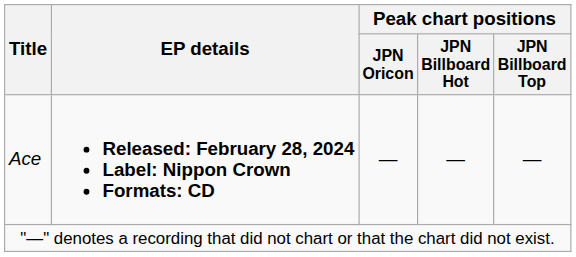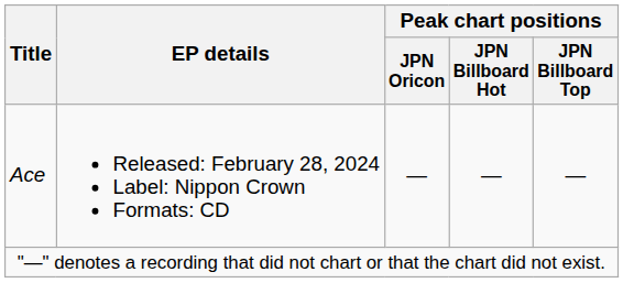 <table class="wikitable">
 <tr>
 <th rowspan="2">Title</th>
 <th rowspan="2">EP details</th>
 <th colspan="3">Peak chart positions</th>
 </tr>
 <tr>
 <th style="width:3em;font-size:85%;">JPN<wbr>Oricon<wbr></th>
 <th style="width:3em;font-size:85%;">JPN<wbr>Billboard<wbr>Hot<wbr></th>
 <th style="width:3em;font-size:85%;">JPN<wbr>Billboard<wbr>Top<wbr></th>
 </tr>
 <tr>
 <td><em>Ace</em></td>
-<td><strong><br><ul><li>Released: February 28, 2024</li><li>Label: Nippon Crown</li><li>Formats: CD</li></ul></strong></td>
+<td><br><ul><li>Released: February 28, 2024</li><li>Label: Nippon Crown</li><li>Formats: CD</li></ul></td>
 <td align="center">—</td>
 <td align="center">—</td>
 <td align="center">—</td>
 </tr>
 <tr>
 <td align="center" colspan="5" style="font-size:90%">"—" denotes a recording that did not chart or that the chart did not exist.</td>
 </tr>
 </table>
